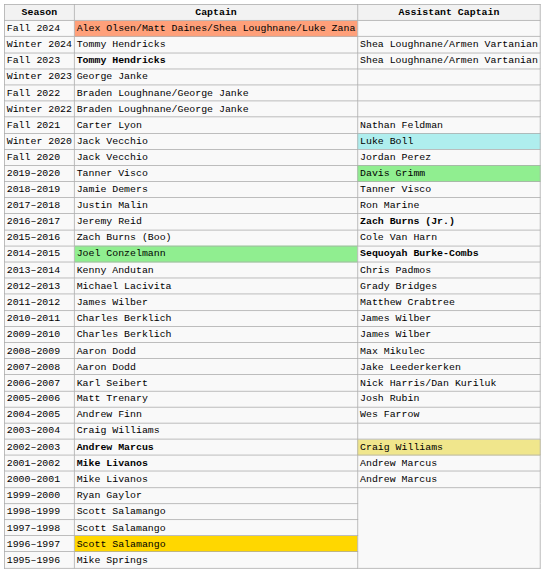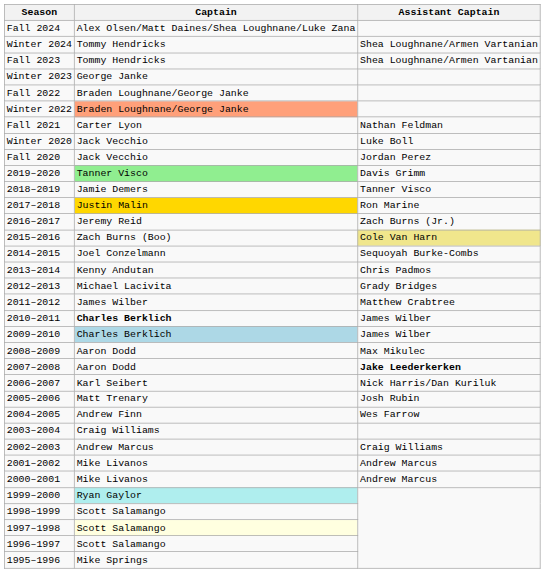 <table class="wikitable">
 <tr>
 <th>Season</th>
 <th>Captain</th>
 <th>Assistant Captain</th>
 </tr>
 <tr>
 <td>Fall 2024</td>
-<td style="background: lightsalmon;">Alex Olsen/Matt Daines/Shea Loughnane/Luke Zana</td>
+<td>Alex Olsen/Matt Daines/Shea Loughnane/Luke Zana</td>
 <td></td>
 </tr>
 <tr>
 <td>Winter 2024</td>
 <td>Tommy Hendricks</td>
 <td>Shea Loughnane/Armen Vartanian</td>
 </tr>
 <tr>
 <td>Fall 2023</td>
-<td><strong>Tommy Hendricks</strong></td>
+<td>Tommy Hendricks</td>
 <td>Shea Loughnane/Armen Vartanian</td>
 </tr>
 <tr>
 <td>Winter 2023</td>
 <td>George Janke</td>
 <td></td>
 </tr>
 <tr>
 <td>Fall 2022</td>
 <td>Braden Loughnane/George Janke</td>
 <td></td>
 </tr>
 <tr>
 <td>Winter 2022</td>
-<td>Braden Loughnane/George Janke</td>
+<td style="background: lightsalmon;">Braden Loughnane/George Janke</td>
 <td></td>
 </tr>
 <tr>
 <td>Fall 2021</td>
 <td>Carter Lyon</td>
 <td>Nathan Feldman</td>
 </tr>
 <tr>
 <td>Winter 2020</td>
 <td>Jack Vecchio</td>
-<td style="background: paleturquoise;">Luke Boll</td>
+<td>Luke Boll</td>
 </tr>
 <tr>
 <td>Fall 2020</td>
 <td>Jack Vecchio</td>
 <td>Jordan Perez</td>
 </tr>
 <tr>
 <td>2019–2020</td>
-<td>Tanner Visco</td>
-<td style="background: lightgreen;">Davis Grimm</td>
+<td style="background: lightgreen;">Tanner Visco</td>
+<td>Davis Grimm</td>
 </tr>
 <tr>
 <td>2018–2019</td>
 <td>Jamie Demers</td>
 <td>Tanner Visco</td>
 </tr>
 <tr>
 <td>2017–2018</td>
-<td>Justin Malin</td>
+<td style="background: gold;">Justin Malin</td>
 <td>Ron Marine</td>
 </tr>
 <tr>
 <td>2016–2017</td>
 <td>Jeremy Reid</td>
-<td><strong>Zach Burns (Jr.)</strong></td>
+<td>Zach Burns (Jr.)</td>
 </tr>
 <tr>
 <td>2015–2016</td>
 <td>Zach Burns (Boo)</td>
-<td>Cole Van Harn</td>
+<td style="background: khaki;">Cole Van Harn</td>
 </tr>
 <tr>
 <td>2014–2015</td>
-<td style="background: lightgreen;">Joel Conzelmann</td>
-<td><strong>Sequoyah Burke-Combs</strong></td>
+<td>Joel Conzelmann</td>
+<td>Sequoyah Burke-Combs</td>
 </tr>
 <tr>
 <td>2013–2014</td>
 <td>Kenny Andutan</td>
 <td>Chris Padmos</td>
 </tr>
 <tr>
 <td>2012–2013</td>
 <td>Michael Lacivita</td>
 <td>Grady Bridges</td>
 </tr>
 <tr>
 <td>2011–2012</td>
 <td>James Wilber</td>
 <td>Matthew Crabtree</td>
 </tr>
 <tr>
 <td>2010–2011</td>
-<td>Charles Berklich</td>
+<td><strong>Charles Berklich</strong></td>
 <td>James Wilber</td>
 </tr>
 <tr>
 <td>2009–2010</td>
-<td>Charles Berklich</td>
+<td style="background: lightblue;">Charles Berklich</td>
 <td>James Wilber</td>
 </tr>
 <tr>
 <td>2008–2009</td>
 <td>Aaron Dodd</td>
 <td>Max Mikulec</td>
 </tr>
 <tr>
 <td>2007–2008</td>
 <td>Aaron Dodd</td>
-<td>Jake Leederkerken</td>
+<td><strong>Jake Leederkerken</strong></td>
 </tr>
 <tr>
 <td>2006–2007</td>
 <td>Karl Seibert</td>
 <td>Nick Harris/Dan Kuriluk</td>
 </tr>
 <tr>
 <td>2005–2006</td>
 <td>Matt Trenary</td>
 <td>Josh Rubin</td>
 </tr>
 <tr>
 <td>2004–2005</td>
 <td>Andrew Finn</td>
 <td>Wes Farrow</td>
 </tr>
 <tr>
 <td>2003–2004</td>
 <td>Craig Williams</td>
 </tr>
 <tr>
 <td>2002–2003</td>
-<td><strong>Andrew Marcus</strong></td>
-<td style="background: khaki;">Craig Williams</td>
+<td>Andrew Marcus</td>
+<td>Craig Williams</td>
 </tr>
 <tr>
 <td>2001–2002</td>
-<td><strong>Mike Livanos</strong></td>
+<td>Mike Livanos</td>
 <td>Andrew Marcus</td>
 </tr>
 <tr>
 <td>2000–2001</td>
 <td>Mike Livanos</td>
 <td>Andrew Marcus</td>
 </tr>
 <tr>
 <td>1999–2000</td>
-<td>Ryan Gaylor</td>
+<td style="background: paleturquoise;">Ryan Gaylor</td>
 </tr>
 <tr>
 <td>1998–1999</td>
 <td>Scott Salamango</td>
 </tr>
 <tr>
 <td>1997–1998</td>
-<td>Scott Salamango</td>
+<td style="background: lightyellow;">Scott Salamango</td>
 </tr>
 <tr>
 <td>1996–1997</td>
-<td style="background: gold;">Scott Salamango</td>
+<td>Scott Salamango</td>
 </tr>
 <tr>
 <td>1995–1996</td>
 <td>Mike Springs</td>
 </tr>
 </table>
